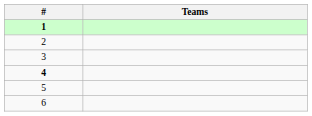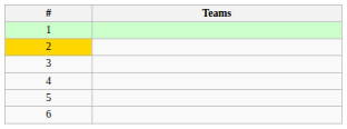 <table class="wikitable" width="40%" style="text-align:center;">
 <tr>
 <th width="7%">#</th>
 <th width="20%">Teams</th>
 </tr>
 <tr bgcolor="#cfc">
-<td><strong>1</strong></td>
+<td>1</td>
 <td align="left"></td>
 </tr>
 <tr>
-<td>2</td>
+<td style="background: gold;">2</td>
 <td align="left"></td>
 </tr>
 <tr>
 <td>3</td>
 <td align="left"></td>
 </tr>
 <tr>
-<td><strong>4</strong></td>
+<td>4</td>
 <td align="left"></td>
 </tr>
 <tr>
 <td>5</td>
 <td align="left"></td>
 </tr>
 <tr>
 <td>6</td>
 <td align="left"></td>
 </tr>
 </table>
